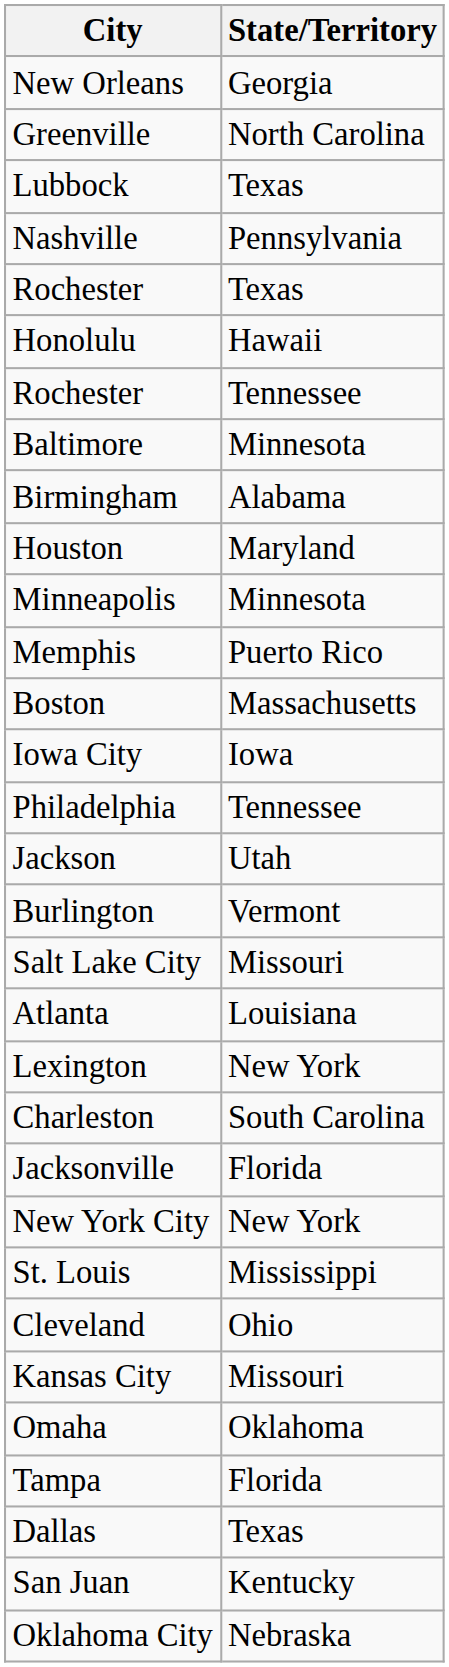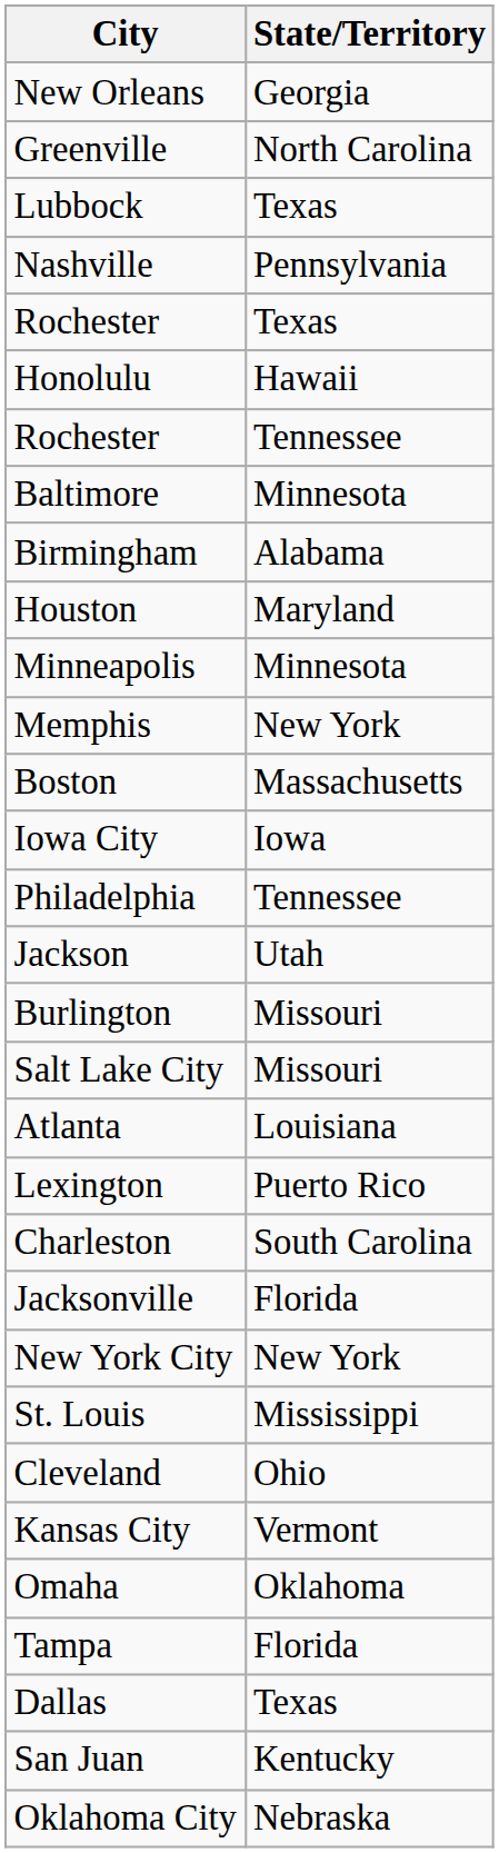 <table class="wikitable sortable">
 <tr>
 <th>City</th>
 <th>State/Territory</th>
 </tr>
 <tr>
 <td>New Orleans</td>
 <td>Georgia</td>
 </tr>
 <tr>
 <td>Greenville</td>
 <td>North Carolina</td>
 </tr>
 <tr>
 <td>Lubbock</td>
 <td>Texas</td>
 </tr>
 <tr>
 <td>Nashville</td>
 <td>Pennsylvania</td>
 </tr>
 <tr>
 <td>Rochester</td>
 <td>Texas</td>
 </tr>
 <tr>
 <td>Honolulu</td>
 <td>Hawaii</td>
 </tr>
 <tr>
 <td>Rochester</td>
 <td>Tennessee</td>
 </tr>
 <tr>
 <td>Baltimore</td>
 <td>Minnesota</td>
 </tr>
 <tr>
 <td>Birmingham</td>
 <td>Alabama</td>
 </tr>
 <tr>
 <td>Houston</td>
 <td>Maryland</td>
 </tr>
 <tr>
 <td>Minneapolis</td>
 <td>Minnesota</td>
 </tr>
 <tr>
 <td>Memphis</td>
-<td>Puerto Rico</td>
+<td>New York</td>
 </tr>
 <tr>
 <td>Boston</td>
 <td>Massachusetts</td>
 </tr>
 <tr>
 <td>Iowa City</td>
 <td>Iowa</td>
 </tr>
 <tr>
 <td>Philadelphia</td>
 <td>Tennessee</td>
 </tr>
 <tr>
 <td>Jackson</td>
 <td>Utah</td>
 </tr>
 <tr>
 <td>Burlington</td>
-<td>Vermont</td>
+<td>Missouri</td>
 </tr>
 <tr>
 <td>Salt Lake City</td>
 <td>Missouri</td>
 </tr>
 <tr>
 <td>Atlanta</td>
 <td>Louisiana</td>
 </tr>
 <tr>
 <td>Lexington</td>
-<td>New York</td>
+<td>Puerto Rico</td>
 </tr>
 <tr>
 <td>Charleston</td>
 <td>South Carolina</td>
 </tr>
 <tr>
 <td>Jacksonville</td>
 <td>Florida</td>
 </tr>
 <tr>
 <td>New York City</td>
 <td>New York</td>
 </tr>
 <tr>
 <td>St. Louis</td>
 <td>Mississippi</td>
 </tr>
 <tr>
 <td>Cleveland</td>
 <td>Ohio</td>
 </tr>
 <tr>
 <td>Kansas City</td>
-<td>Missouri</td>
+<td>Vermont</td>
 </tr>
 <tr>
 <td>Omaha</td>
 <td>Oklahoma</td>
 </tr>
 <tr>
 <td>Tampa</td>
 <td>Florida</td>
 </tr>
 <tr>
 <td>Dallas</td>
 <td>Texas</td>
 </tr>
 <tr>
 <td>San Juan</td>
 <td>Kentucky</td>
 </tr>
 <tr>
 <td>Oklahoma City</td>
 <td>Nebraska</td>
 </tr>
 </table>
